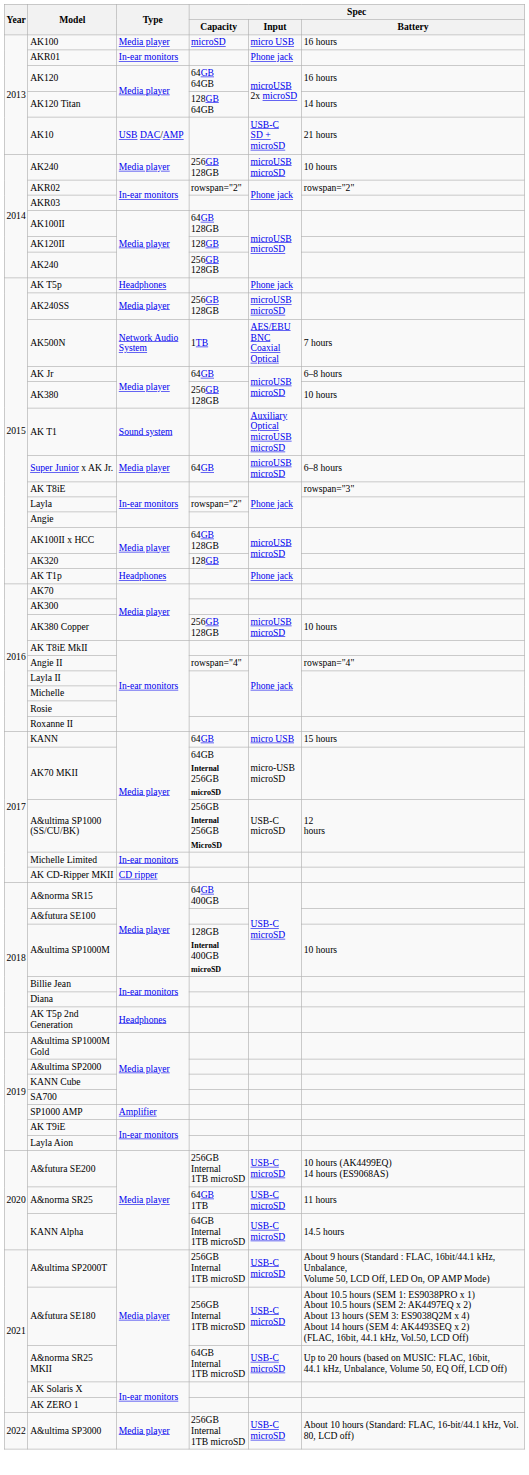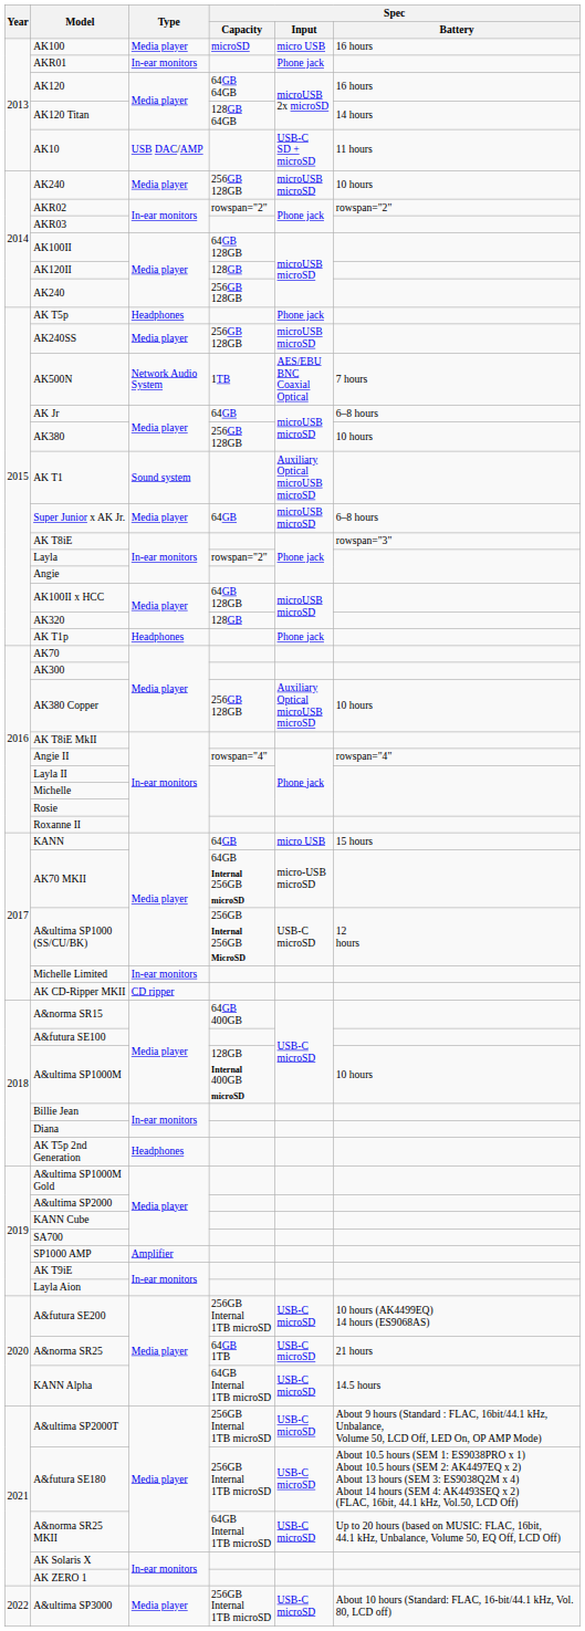 <table class="wikitable">
 <tr>
 <th rowspan="2">Year</th>
 <th rowspan="2">Model</th>
 <th rowspan="2">Type</th>
 <th colspan="3">Spec</th>
 </tr>
 <tr>
 <th>Capacity</th>
 <th>Input</th>
 <th>Battery</th>
 </tr>
 <tr>
 <td rowspan="5">2013</td>
 <td>AK100</td>
 <td><a href='#'>Media player</a></td>
 <td><a href='#'>microSD</a></td>
 <td><a href='#'>micro USB</a></td>
 <td>16 hours</td>
 </tr>
 <tr>
 <td>AKR01</td>
 <td><a href='#'>In-ear monitors</a></td>
 <td></td>
 <td><a href='#'>Phone jack</a></td>
 <td></td>
 </tr>
 <tr>
 <td>AK120</td>
 <td rowspan="2"><a href='#'>Media player</a></td>
 <td>64<a href='#'>GB</a><br>64GB </td>
 <td rowspan="2"><a href='#'>microUSB</a><br>2x <a href='#'>microSD</a></td>
 <td>16 hours</td>
 </tr>
 <tr>
 <td>AK120 Titan</td>
 <td>128<a href='#'>GB</a><br>64GB </td>
 <td>14 hours</td>
 </tr>
 <tr>
 <td>AK10</td>
 <td><a href='#'>USB</a> <a href='#'>DAC</a>/<a href='#'>AMP</a></td>
 <td></td>
 <td><a href='#'>USB-C</a><br><a href='#'>SD + microSD</a></td>
-<td>21 hours</td>
+<td>11 hours</td>
 </tr>
 <tr>
 <td rowspan="6">2014</td>
 <td>AK240</td>
 <td><a href='#'>Media player</a></td>
 <td>256<a href='#'>GB</a><br>128GB </td>
 <td><a href='#'>microUSB</a><br><a href='#'>microSD</a></td>
 <td>10 hours</td>
 </tr>
 <tr>
 <td>AKR02</td>
 <td rowspan="2"><a href='#'>In-ear monitors</a></td>
 <td>rowspan="2" </td>
 <td rowspan="2"><a href='#'>Phone jack</a></td>
 <td>rowspan="2" </td>
 </tr>
 <tr>
 <td>AKR03</td>
 </tr>
 <tr>
 <td>AK100II</td>
 <td rowspan="3"><a href='#'>Media player</a></td>
 <td>64<a href='#'>GB</a><br>128GB </td>
 <td rowspan="3"><a href='#'>microUSB</a><br><a href='#'>microSD</a></td>
 <td></td>
 </tr>
 <tr>
 <td>AK120II</td>
 <td>128<a href='#'>GB</a> </td>
 <td></td>
 </tr>
 <tr>
 <td>AK240 <small></small></td>
 <td>256<a href='#'>GB</a><br>128GB </td>
 <td></td>
 </tr>
 <tr>
 <td rowspan="13">2015</td>
 <td>AK T5p</td>
 <td><a href='#'>Headphones</a></td>
 <td></td>
 <td><a href='#'>Phone jack</a></td>
 <td></td>
 </tr>
 <tr>
 <td>AK240SS</td>
 <td><a href='#'>Media player</a></td>
 <td>256<a href='#'>GB</a><br>128GB </td>
 <td><a href='#'>microUSB</a><br><a href='#'>microSD</a></td>
 <td></td>
 </tr>
 <tr>
 <td>AK500N</td>
 <td><a href='#'>Network Audio System</a></td>
 <td>1<a href='#'>TB</a></td>
 <td><a href='#'>AES/EBU</a><br><a href='#'>BNC</a><br><a href='#'>Coaxial</a><br><a href='#'>Optical</a></td>
 <td>7 hours</td>
 </tr>
 <tr>
 <td>AK Jr</td>
 <td rowspan="2"><a href='#'>Media player</a></td>
 <td>64<a href='#'>GB</a> </td>
 <td rowspan="2"><a href='#'>microUSB</a><br><a href='#'>microSD</a></td>
 <td>6–8 hours</td>
 </tr>
 <tr>
 <td>AK380</td>
 <td>256<a href='#'>GB</a><br>128GB </td>
 <td>10 hours</td>
 </tr>
 <tr>
 <td>AK T1</td>
 <td><a href='#'>Sound system</a></td>
 <td></td>
 <td><a href='#'>Auxiliary</a><br><a href='#'>Optical</a><br><a href='#'>microUSB</a><br><a href='#'>microSD</a></td>
 <td></td>
 </tr>
 <tr>
 <td><a href='#'>Super Junior</a> x AK Jr.</td>
 <td><a href='#'>Media player</a></td>
 <td>64<a href='#'>GB</a> </td>
 <td><a href='#'>microUSB</a><br><a href='#'>microSD</a></td>
 <td>6–8 hours</td>
 </tr>
 <tr>
 <td>AK T8iE</td>
 <td rowspan="3"><a href='#'>In-ear monitors</a></td>
 <td></td>
 <td rowspan="3"><a href='#'>Phone jack</a></td>
 <td>rowspan="3" </td>
 </tr>
 <tr>
 <td>Layla</td>
 <td>rowspan="2" </td>
 </tr>
 <tr>
 <td>Angie</td>
 </tr>
 <tr>
 <td>AK100II x HCC</td>
 <td rowspan="2"><a href='#'>Media player</a></td>
 <td>64<a href='#'>GB</a><br>128GB </td>
 <td rowspan="2"><a href='#'>microUSB</a><br><a href='#'>microSD</a></td>
 <td></td>
 </tr>
 <tr>
 <td>AK320</td>
 <td>128<a href='#'>GB</a> </td>
 <td></td>
 </tr>
 <tr>
 <td>AK T1p</td>
 <td><a href='#'>Headphones</a></td>
 <td></td>
 <td><a href='#'>Phone jack</a></td>
 <td></td>
 </tr>
 <tr>
 <td rowspan="9">2016</td>
 <td>AK70</td>
 <td rowspan="3"><a href='#'>Media player</a></td>
 <td></td>
 <td></td>
 <td></td>
 </tr>
 <tr>
 <td>AK300</td>
 <td></td>
 <td></td>
 <td></td>
 </tr>
 <tr>
 <td>AK380 Copper</td>
 <td>256<a href='#'>GB</a><br>128GB </td>
-<td><a href='#'>microUSB</a><br><a href='#'>microSD</a></td>
+<td><a href='#'>Auxiliary</a><br><a href='#'>Optical</a><br><a href='#'>microUSB</a><br><a href='#'>microSD</a></td>
 <td>10 hours</td>
 </tr>
 <tr>
 <td>AK T8iE MkII</td>
 <td rowspan="6"><a href='#'>In-ear monitors</a></td>
 <td></td>
 <td></td>
 <td></td>
 </tr>
 <tr>
 <td>Angie II</td>
 <td>rowspan="4" </td>
 <td rowspan="4"><a href='#'>Phone jack</a></td>
 <td>rowspan="4" </td>
 </tr>
 <tr>
 <td>Layla II</td>
 </tr>
 <tr>
 <td>Michelle</td>
 </tr>
 <tr>
 <td>Rosie</td>
 </tr>
 <tr>
 <td>Roxanne II</td>
 <td></td>
 <td></td>
 <td></td>
 </tr>
 <tr>
 <td rowspan="5">2017</td>
 <td>KANN</td>
 <td rowspan="3"><a href='#'>Media player</a></td>
 <td>64<a href='#'>GB</a> </td>
 <td><a href='#'>micro USB</a></td>
 <td>15 hours</td>
 </tr>
 <tr>
 <td>AK70 MKII</td>
 <td>64GB<br><sub><strong>Internal</strong></sub><br>256GB<br><sub><strong>microSD</strong></sub></td>
 <td>micro-USB<br>microSD</td>
 <td></td>
 </tr>
 <tr>
 <td>A&ultima SP1000 (SS/CU/BK)</td>
 <td>256GB<br><sub><strong>Internal</strong></sub><br>256GB<br><sub><strong>MicroSD</strong></sub></td>
 <td>USB-C<br>microSD</td>
 <td>12<br>hours</td>
 </tr>
 <tr>
 <td>Michelle Limited</td>
 <td><a href='#'>In-ear monitors</a></td>
 <td></td>
 <td></td>
 <td></td>
 </tr>
 <tr>
 <td>AK CD-Ripper MKII</td>
 <td><a href='#'>CD ripper</a></td>
 <td></td>
 <td></td>
 <td></td>
 </tr>
 <tr>
 <td rowspan="6">2018</td>
 <td>A&norma SR15</td>
 <td rowspan="3"><a href='#'>Media player</a></td>
 <td>64<a href='#'>GB</a> <strong></strong><br>400GB <strong></strong></td>
 <td rowspan="3"><a href='#'>USB-C</a><br><a href='#'>microSD</a></td>
 <td></td>
 </tr>
 <tr>
 <td>A&futura SE100</td>
 <td></td>
 <td></td>
 </tr>
 <tr>
 <td>A&ultima SP1000M</td>
 <td>128GB<br><sub><strong>Internal</strong></sub><br>400GB<br><sub><strong>microSD</strong></sub></td>
 <td>10 hours</td>
 </tr>
 <tr>
 <td>Billie Jean</td>
 <td rowspan="2"><a href='#'>In-ear monitors</a></td>
 <td></td>
 <td></td>
 <td></td>
 </tr>
 <tr>
 <td>Diana</td>
 <td></td>
 <td></td>
 <td></td>
 </tr>
 <tr>
 <td>AK T5p 2nd Generation</td>
 <td><a href='#'>Headphones</a></td>
 <td></td>
 <td></td>
 <td></td>
 </tr>
 <tr>
 <td rowspan="7">2019</td>
 <td>A&ultima SP1000M Gold</td>
 <td rowspan="4"><a href='#'>Media player</a></td>
 <td></td>
 <td></td>
 <td></td>
 </tr>
 <tr>
 <td>A&ultima SP2000</td>
 <td></td>
 <td></td>
 <td></td>
 </tr>
 <tr>
 <td>KANN Cube</td>
 <td></td>
 <td></td>
 <td></td>
 </tr>
 <tr>
 <td>SA700</td>
 <td></td>
 <td></td>
 <td></td>
 </tr>
 <tr>
 <td>SP1000 AMP</td>
 <td><a href='#'>Amplifier</a></td>
 <td></td>
 <td></td>
 <td></td>
 </tr>
 <tr>
 <td>AK T9iE</td>
 <td rowspan="2"><a href='#'>In-ear monitors</a></td>
 <td></td>
 <td></td>
 <td></td>
 </tr>
 <tr>
 <td>Layla Aion</td>
 <td></td>
 <td></td>
 <td></td>
 </tr>
 <tr>
 <td rowspan="3">2020</td>
 <td>A&futura SE200</td>
 <td rowspan="3"><a href='#'>Media player</a></td>
 <td>256GB Internal<br>1TB microSD</td>
 <td><a href='#'>USB-C</a><br><a href='#'>microSD</a></td>
 <td>10 hours (AK4499EQ)<br>14 hours (ES9068AS)</td>
 </tr>
 <tr>
 <td>A&norma SR25</td>
 <td>64<a href='#'>GB</a> <strong></strong><br>1TB <strong></strong></td>
 <td><a href='#'>USB-C</a><br><a href='#'>microSD</a></td>
-<td>11 hours</td>
+<td>21 hours</td>
 </tr>
 <tr>
 <td>KANN Alpha</td>
 <td>64GB Internal<br>1TB microSD</td>
 <td><a href='#'>USB-C</a><br><a href='#'>microSD</a></td>
 <td>14.5 hours</td>
 </tr>
 <tr>
 <td rowspan="5">2021</td>
 <td>A&ultima SP2000T</td>
 <td rowspan="3"><a href='#'>Media player</a></td>
 <td>256GB Internal<br>1TB microSD</td>
 <td><a href='#'>USB-C</a><br><a href='#'>microSD</a></td>
 <td>About 9 hours (Standard : FLAC, 16bit/44.1 kHz, Unbalance,<br>Volume 50, LCD Off, LED On, OP AMP Mode)</td>
 </tr>
 <tr>
 <td>A&futura SE180</td>
 <td>256GB Internal<br>1TB microSD</td>
 <td><a href='#'>USB-C</a><br><a href='#'>microSD</a></td>
 <td>About 10.5 hours (SEM 1: ES9038PRO x 1)<br>About 10.5 hours (SEM 2: AK4497EQ x 2)<br>About 13 hours (SEM 3: ES9038Q2M x 4)<br>About 14 hours (SEM 4: AK4493SEQ x 2)<br>(FLAC, 16bit, 44.1 kHz, Vol.50, LCD Off)</td>
 </tr>
 <tr>
 <td>A&norma SR25 MKII</td>
 <td>64GB Internal<br>1TB microSD</td>
 <td><a href='#'>USB-C</a><br><a href='#'>microSD</a></td>
 <td>Up to 20 hours (based on MUSIC: FLAC, 16bit, 44.1 kHz, Unbalance, Volume 50, EQ Off, LCD Off)</td>
 </tr>
 <tr>
 <td>AK Solaris X</td>
 <td rowspan="2"><a href='#'>In-ear monitors</a></td>
 <td></td>
 <td></td>
 <td></td>
 </tr>
 <tr>
 <td>AK ZERO 1</td>
 <td></td>
 <td></td>
 <td></td>
 </tr>
 <tr>
 <td>2022</td>
 <td>A&ultima SP3000</td>
 <td><a href='#'>Media player</a></td>
 <td>256GB Internal<br>1TB microSD</td>
 <td><a href='#'>USB-C</a><br><a href='#'>microSD</a></td>
 <td>About 10 hours (Standard: FLAC, 16-bit/44.1 kHz, Vol. 80, LCD off)</td>
 </tr>
 </table>
